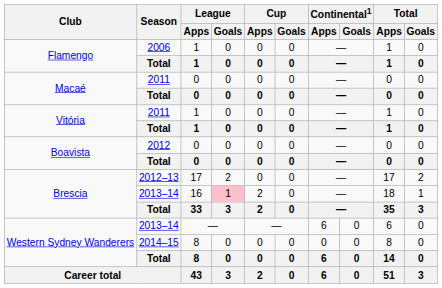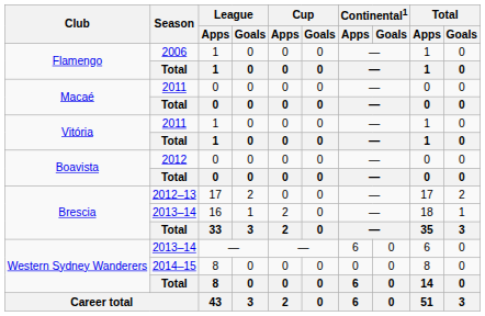 <table class="wikitable" style="text-align: center;">
 <tr>
 <th rowspan=2>Club</th>
 <th rowspan=2>Season</th>
 <th colspan=2>League</th>
 <th colspan=2>Cup</th>
 <th colspan=2>Continental<sup>1</sup></th>
 <th colspan=2>Total</th>
 </tr>
 <tr>
 <th>Apps</th>
 <th>Goals</th>
 <th>Apps</th>
 <th>Goals</th>
 <th>Apps</th>
 <th>Goals</th>
 <th>Apps</th>
 <th>Goals</th>
 </tr>
 <tr>
 <td rowspan=2 valign="center"><a href='#'>Flamengo</a></td>
 <td><a href='#'>2006</a></td>
 <td>1</td>
 <td>0</td>
 <td>0</td>
 <td>0</td>
 <td colspan=2>—</td>
 <td>1</td>
 <td>0</td>
 </tr>
 <tr>
 <th>Total</th>
 <th>1</th>
 <th>0</th>
 <th>0</th>
 <th>0</th>
 <th colspan=2>—</th>
 <th>1</th>
 <th>0</th>
 </tr>
 <tr>
 <td rowspan=2 valign="center"><a href='#'>Macaé</a></td>
 <td><a href='#'>2011</a></td>
 <td>0</td>
 <td>0</td>
 <td>0</td>
 <td>0</td>
 <td colspan=2>—</td>
 <td>0</td>
 <td>0</td>
 </tr>
 <tr>
 <th>Total</th>
 <th>0</th>
 <th>0</th>
 <th>0</th>
 <th>0</th>
 <th colspan=2>—</th>
 <th>0</th>
 <th>0</th>
 </tr>
 <tr>
 <td rowspan=2 valign="center"><a href='#'>Vitória</a></td>
 <td><a href='#'>2011</a></td>
 <td>1</td>
 <td>0</td>
 <td>0</td>
 <td>0</td>
 <td colspan=2>—</td>
 <td>1</td>
 <td>0</td>
 </tr>
 <tr>
 <th>Total</th>
 <th>1</th>
 <th>0</th>
 <th>0</th>
 <th>0</th>
 <th colspan=2>—</th>
 <th>1</th>
 <th>0</th>
 </tr>
 <tr>
 <td rowspan=2 valign="center"><a href='#'>Boavista</a></td>
 <td><a href='#'>2012</a></td>
 <td>0</td>
 <td>0</td>
 <td>0</td>
 <td>0</td>
 <td colspan=2>—</td>
 <td>0</td>
 <td>0</td>
 </tr>
 <tr>
 <th>Total</th>
 <th>0</th>
 <th>0</th>
 <th>0</th>
 <th>0</th>
 <th colspan=2>—</th>
 <th>0</th>
 <th>0</th>
 </tr>
 <tr>
 <td rowspan=3 valign="center"><a href='#'>Brescia</a></td>
 <td><a href='#'>2012–13</a></td>
 <td>17</td>
 <td>2</td>
 <td>0</td>
 <td>0</td>
 <td colspan=2>—</td>
 <td>17</td>
 <td>2</td>
 </tr>
 <tr>
 <td><a href='#'>2013–14</a></td>
 <td>16</td>
-<td style="background: pink;">1</td>
+<td>1</td>
 <td>2</td>
 <td>0</td>
 <td colspan=2>—</td>
 <td>18</td>
 <td>1</td>
 </tr>
 <tr>
 <th>Total</th>
 <th>33</th>
 <th>3</th>
 <th>2</th>
 <th>0</th>
 <th colspan=2>—</th>
 <th>35</th>
 <th>3</th>
 </tr>
 <tr>
 <td rowspan=3 valign="center"><a href='#'>Western Sydney Wanderers</a></td>
 <td><a href='#'>2013–14</a></td>
 <td colspan=2>—</td>
 <td colspan=2>—</td>
 <td>6</td>
 <td>0</td>
 <td>6</td>
 <td>0</td>
 </tr>
 <tr>
 <td><a href='#'>2014–15</a></td>
 <td>8</td>
 <td>0</td>
 <td>0</td>
 <td>0</td>
 <td>0</td>
 <td>0</td>
 <td>8</td>
 <td>0</td>
 </tr>
 <tr>
 <th>Total</th>
 <th>8</th>
 <th>0</th>
 <th>0</th>
 <th>0</th>
 <th>6</th>
 <th>0</th>
 <th>14</th>
 <th>0</th>
 </tr>
 <tr>
 <th colspan=2>Career total</th>
 <th>43</th>
 <th>3</th>
 <th>2</th>
 <th>0</th>
 <th>6</th>
 <th>0</th>
 <th>51</th>
 <th>3</th>
 </tr>
 </table>
